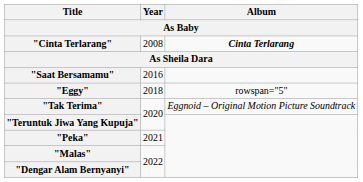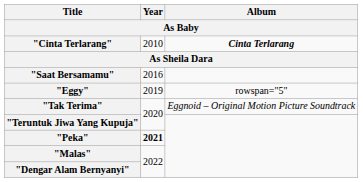 <table class="wikitable plainrowheaders" style="text-align:center">
 <tr>
 <th scope="col">Title</th>
 <th>Year</th>
 <th scope="col">Album</th>
 </tr>
 <tr>
 <th colspan="3">As Baby</th>
 </tr>
 <tr>
 <th scope="row">"Cinta Terlarang"</th>
-<td>2008</td>
+<td>2010</td>
 <td><strong><em>Cinta Terlarang</em></strong></td>
 </tr>
 <tr>
 <th colspan="3">As Sheila Dara</th>
 </tr>
 <tr>
 <th scope="row">"Saat Bersamamu"</th>
 <td>2016</td>
 <td></td>
 </tr>
 <tr>
 <th scope="row">"Eggy"</th>
-<td>2018</td>
+<td>2019</td>
 <td>rowspan="5" </td>
 </tr>
 <tr>
 <th scope="row">"Tak Terima"<br></th>
 <td rowspan="2">2020</td>
 <td><em>Eggnoid – Original Motion Picture Soundtrack</em></td>
 </tr>
 <tr>
 <th scope="row">"Teruntuk Jiwa Yang Kupuja"<br></th>
 </tr>
 <tr>
 <th scope="row">"Peka"<br></th>
-<td>2021</td>
+<td><strong>2021</strong></td>
 </tr>
 <tr>
 <th scope="row">"Malas"<br></th>
 <td rowspan="2">2022</td>
 </tr>
 <tr>
 <th scope="row">"Dengar Alam Bernyanyi"<br></th>
 </tr>
 </table>
